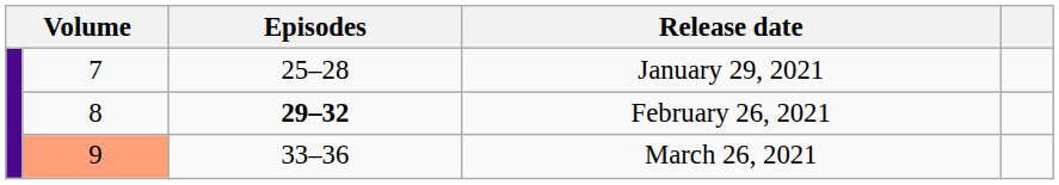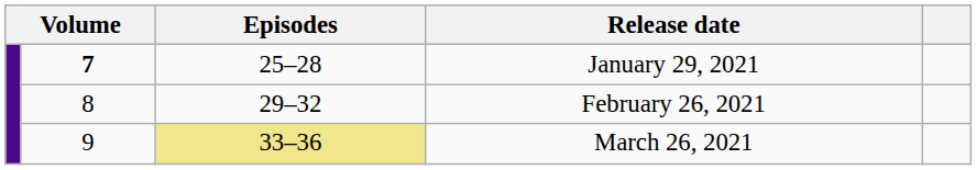 <table class="wikitable" style="text-align: center; width: 70%;">
 <tr>
 <th colspan="2" width="15%">Volume</th>
 <th>Episodes</th>
 <th>Release date</th>
 <th width="5%"></th>
 </tr>
 <tr>
 <td rowspan="4" width="1%" style="background: #4B088A"></td>
-<td>7</td>
+<td><strong>7</strong></td>
 <td>25–28</td>
 <td>January 29, 2021</td>
 <td></td>
 </tr>
 <tr>
 <td>8</td>
-<td><strong>29–32</strong></td>
+<td>29–32</td>
 <td>February 26, 2021</td>
 <td></td>
 </tr>
 <tr>
-<td style="background: lightsalmon;">9</td>
-<td>33–36</td>
+<td>9</td>
+<td style="background: khaki;">33–36</td>
 <td>March 26, 2021</td>
 <td></td>
 </tr>
 </table>
